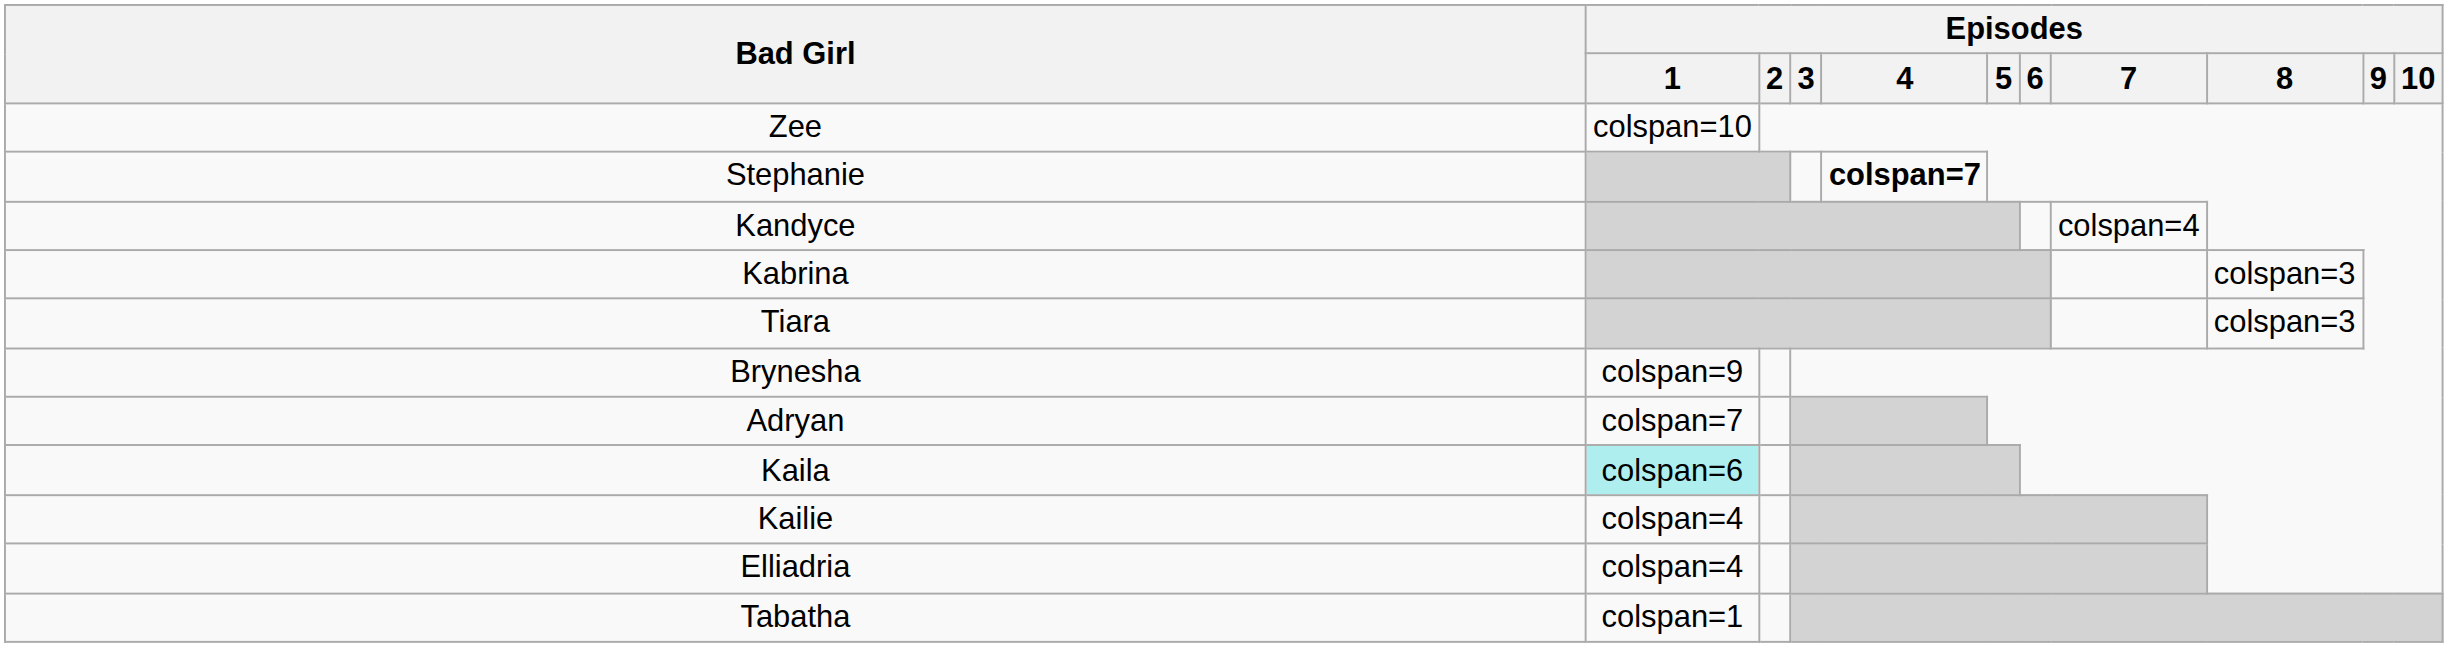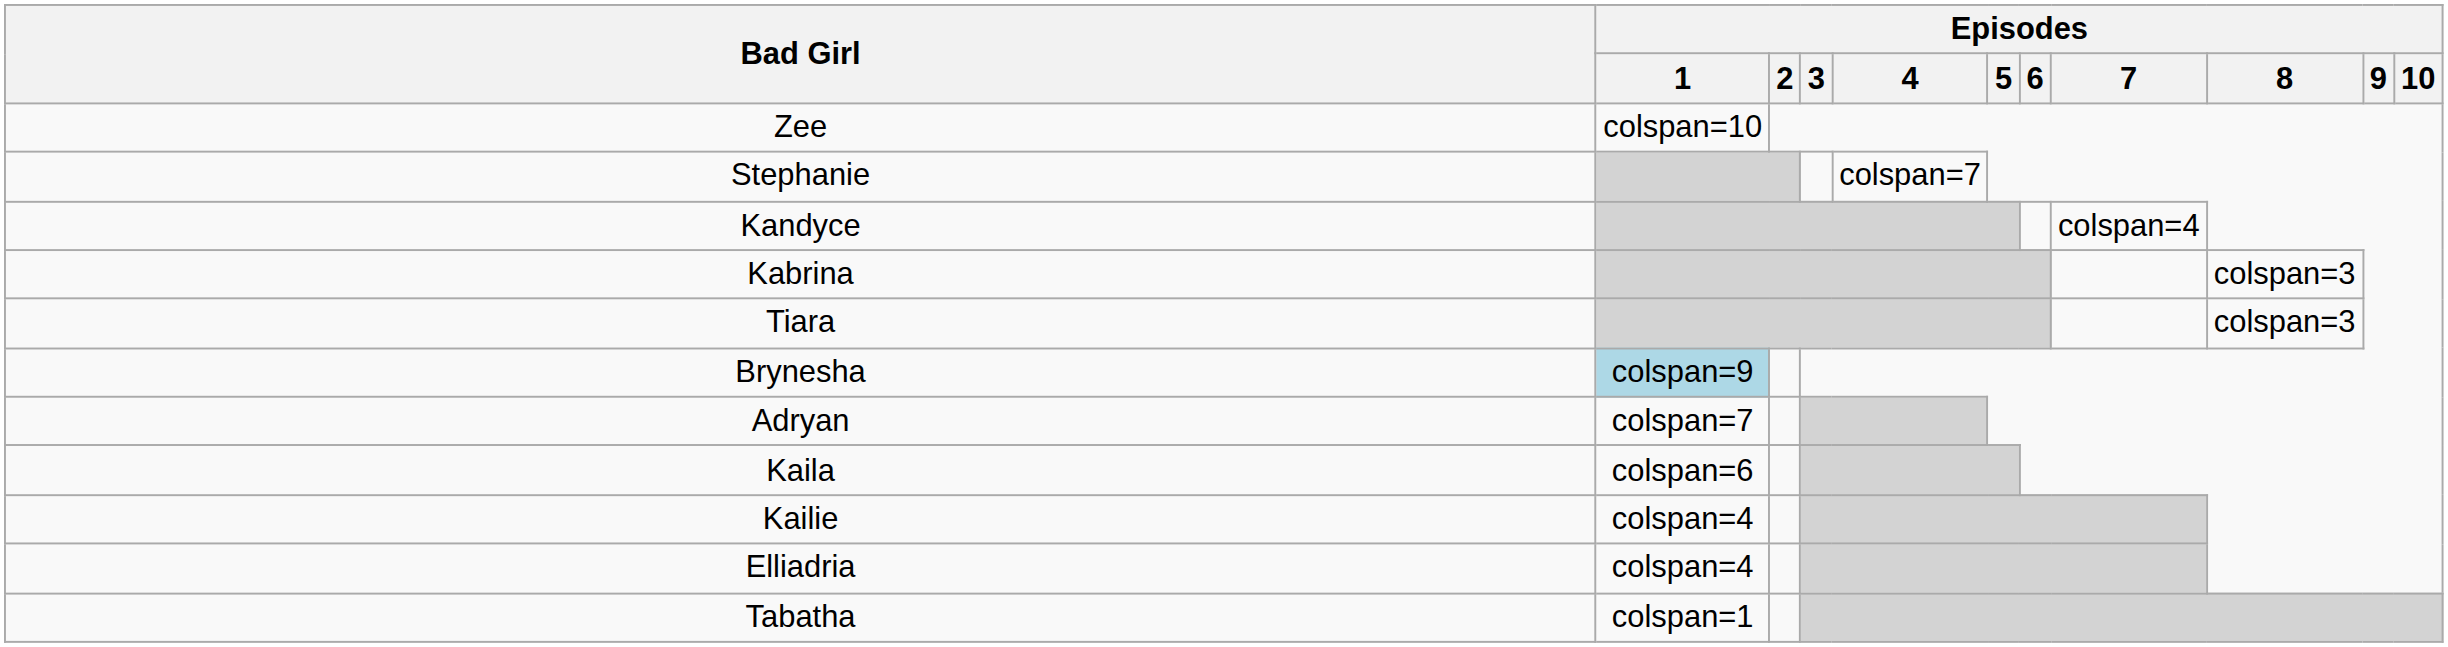 <table class="wikitable plainrowheaders" style="text-align:center; font-size:100%; width:100%">
 <tr>
 <th scope="col" rowspan="2" style="width:100%;">Bad Girl</th>
 <th scope="col" colspan="10">Episodes</th>
 </tr>
 <tr>
 <th scope="col" style="width:8%;">1</th>
 <th scope="col" style="width:8%;">2</th>
 <th scope="col" style="width:8%;">3</th>
 <th scope="col" style="width:8%;">4</th>
 <th scope="col" style="width:8%;">5</th>
 <th scope="col" style="width:8%;">6</th>
 <th scope="col" style="width:8%;">7</th>
 <th scope="col" style="width:8%;">8</th>
 <th scope="col" style="width:8%;">9</th>
 <th scope="col" style="width:8%;">10</th>
 </tr>
 <tr>
 <td scope="row">Zee</td>
 <td>colspan=10 </td>
 </tr>
 <tr>
 <td scope="row">Stephanie</td>
 <td colspan="2" style="background:lightgray;"></td>
 <td></td>
-<td><strong>colspan=7 </strong></td>
+<td>colspan=7 </td>
 </tr>
 <tr>
 <td scope="row">Kandyce</td>
 <td colspan="5" style="background:lightgray;"></td>
 <td></td>
 <td>colspan=4 </td>
 </tr>
 <tr>
 <td scope="row">Kabrina</td>
 <td colspan="6" style="background:lightgray;"></td>
 <td></td>
 <td>colspan=3 </td>
 </tr>
 <tr>
 <td scope="row">Tiara</td>
 <td colspan="6" style="background:lightgray;"></td>
 <td></td>
 <td>colspan=3 </td>
 </tr>
 <tr>
 <td scope="row">Brynesha</td>
-<td>colspan=9 </td>
+<td style="background: lightblue;">colspan=9 </td>
 <td></td>
 </tr>
 <tr>
 <td scope="row">Adryan</td>
 <td>colspan=7 </td>
 <td></td>
 <td colspan="2" style="background:lightgray;"></td>
 </tr>
 <tr>
 <td scope="row">Kaila</td>
-<td style="background: paleturquoise;">colspan=6 </td>
+<td>colspan=6 </td>
 <td></td>
 <td colspan="3" style="background:lightgray;"></td>
 </tr>
 <tr>
 <td scope="row">Kailie</td>
 <td>colspan=4 </td>
 <td></td>
 <td colspan="5" style="background:lightgray;"></td>
 </tr>
 <tr>
 <td scope="row">Elliadria</td>
 <td>colspan=4 </td>
 <td></td>
 <td colspan="5" style="background:lightgray;"></td>
 </tr>
 <tr>
 <td scope="row">Tabatha</td>
 <td>colspan=1 </td>
 <td></td>
 <td colspan="8" style="background:lightgray;"></td>
 </tr>
 </table>
